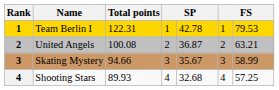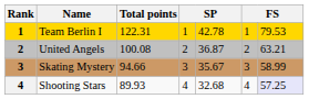 <table class="wikitable">
 <tr>
 <th>Rank</th>
 <th>Name</th>
 <th>Total points</th>
 <th colspan="2" width="80px">SP</th>
 <th colspan="2" width="80px">FS</th>
 </tr>
 <tr bgcolor="gold">
 <td align="center"><strong>1</strong></td>
 <td>Team Berlin I</td>
 <td>122.31</td>
 <td>1</td>
 <td>42.78</td>
 <td>1</td>
 <td>79.53</td>
 </tr>
 <tr bgcolor="silver">
 <td align="center"><strong>2</strong></td>
 <td>United Angels</td>
 <td>100.08</td>
 <td>2</td>
 <td>36.87</td>
 <td>2</td>
 <td>63.21</td>
 </tr>
 <tr bgcolor="cc9966">
 <td align="center"><strong>3</strong></td>
 <td>Skating Mystery</td>
 <td>94.66</td>
 <td>3</td>
 <td>35.67</td>
 <td>3</td>
 <td>58.99</td>
 </tr>
 <tr>
 <th>4</th>
 <td>Shooting Stars</td>
 <td>89.93</td>
 <td>4</td>
 <td>32.68</td>
 <td>4</td>
-<td>57.25</td>
+<td style="background: lavender;">57.25</td>
 </tr>
 </table>
